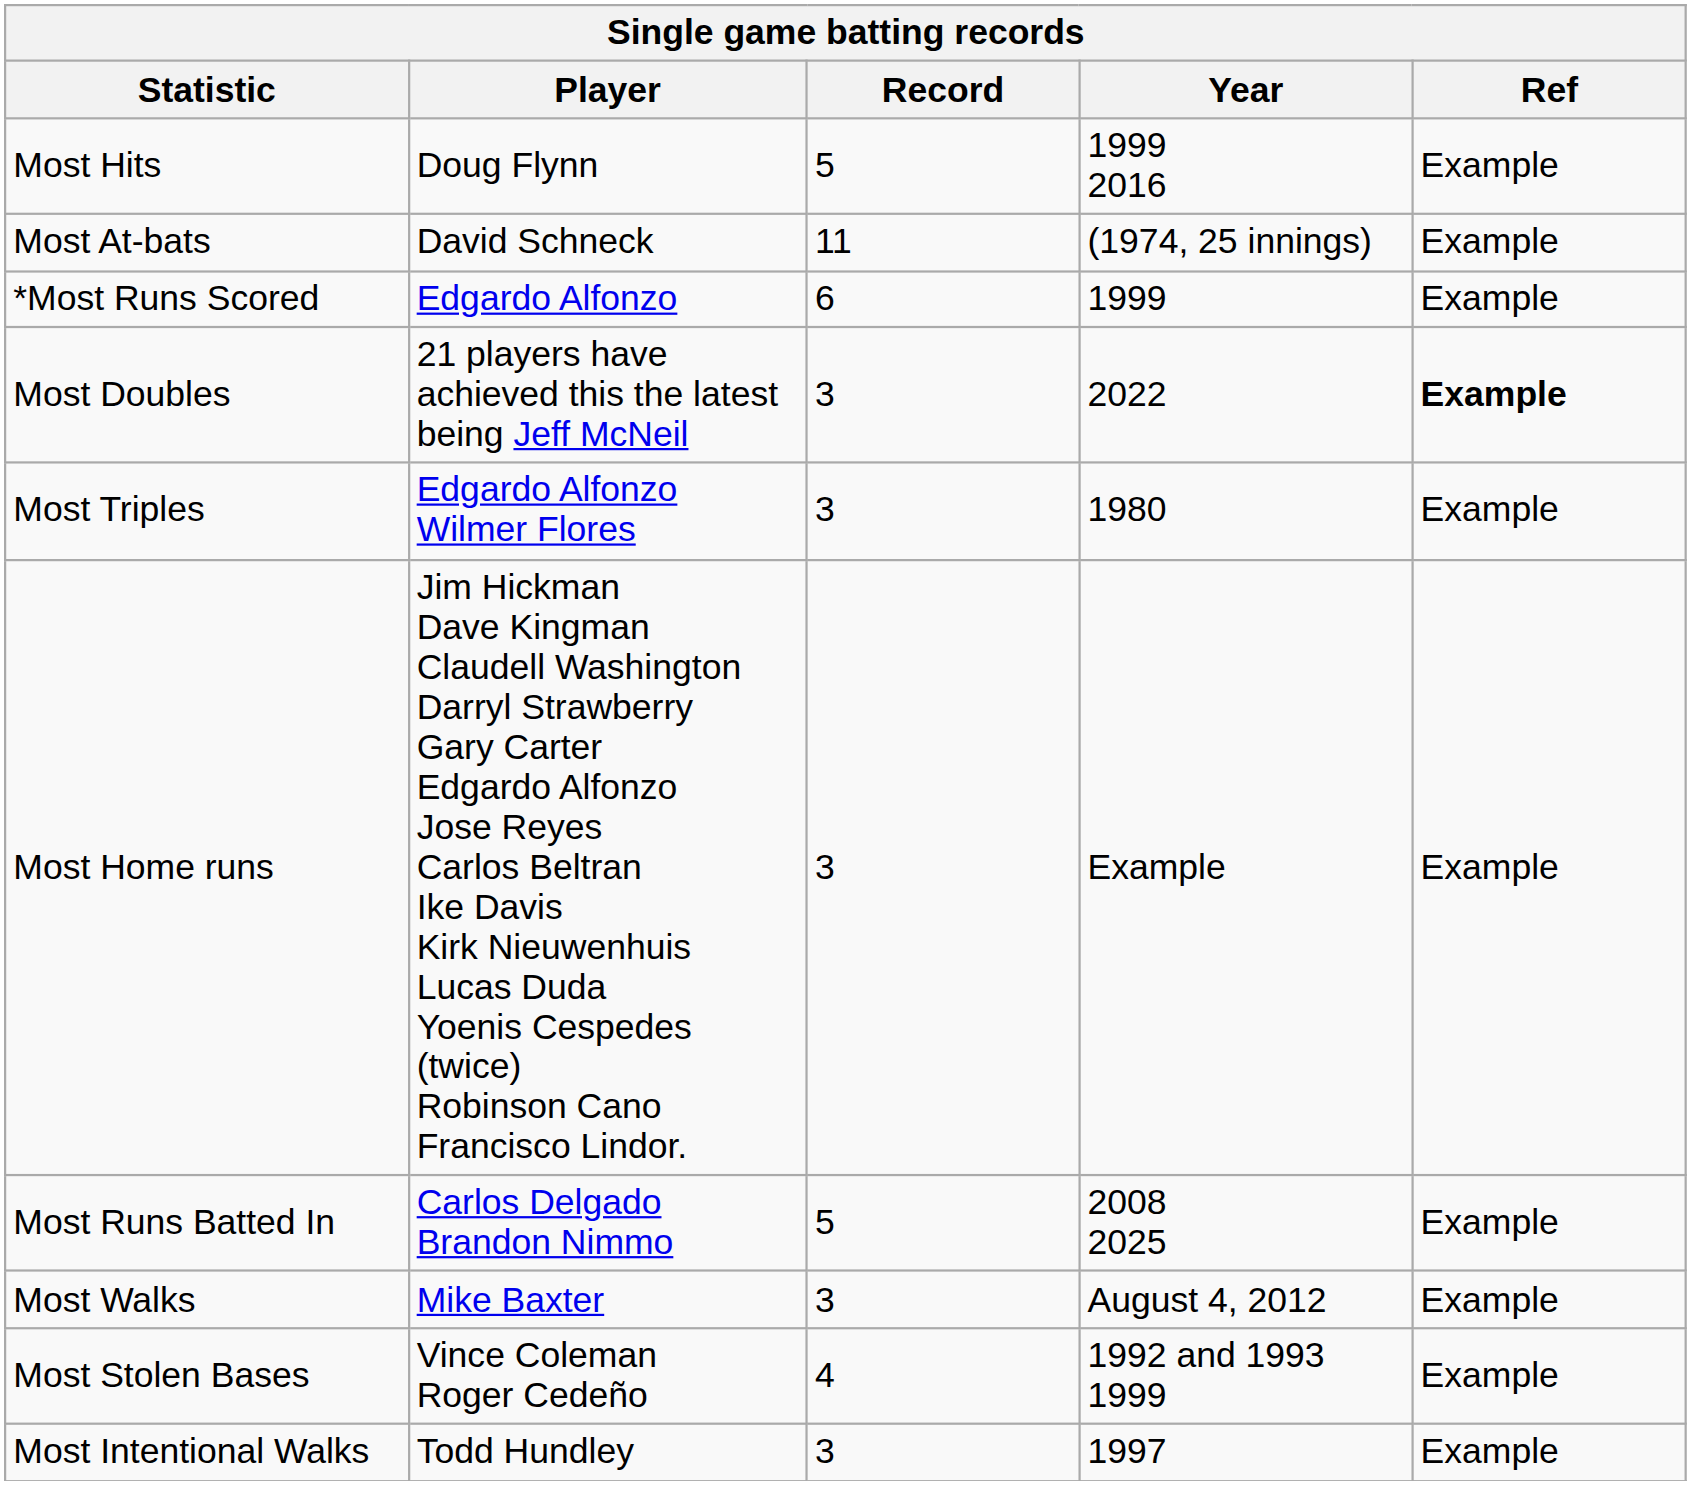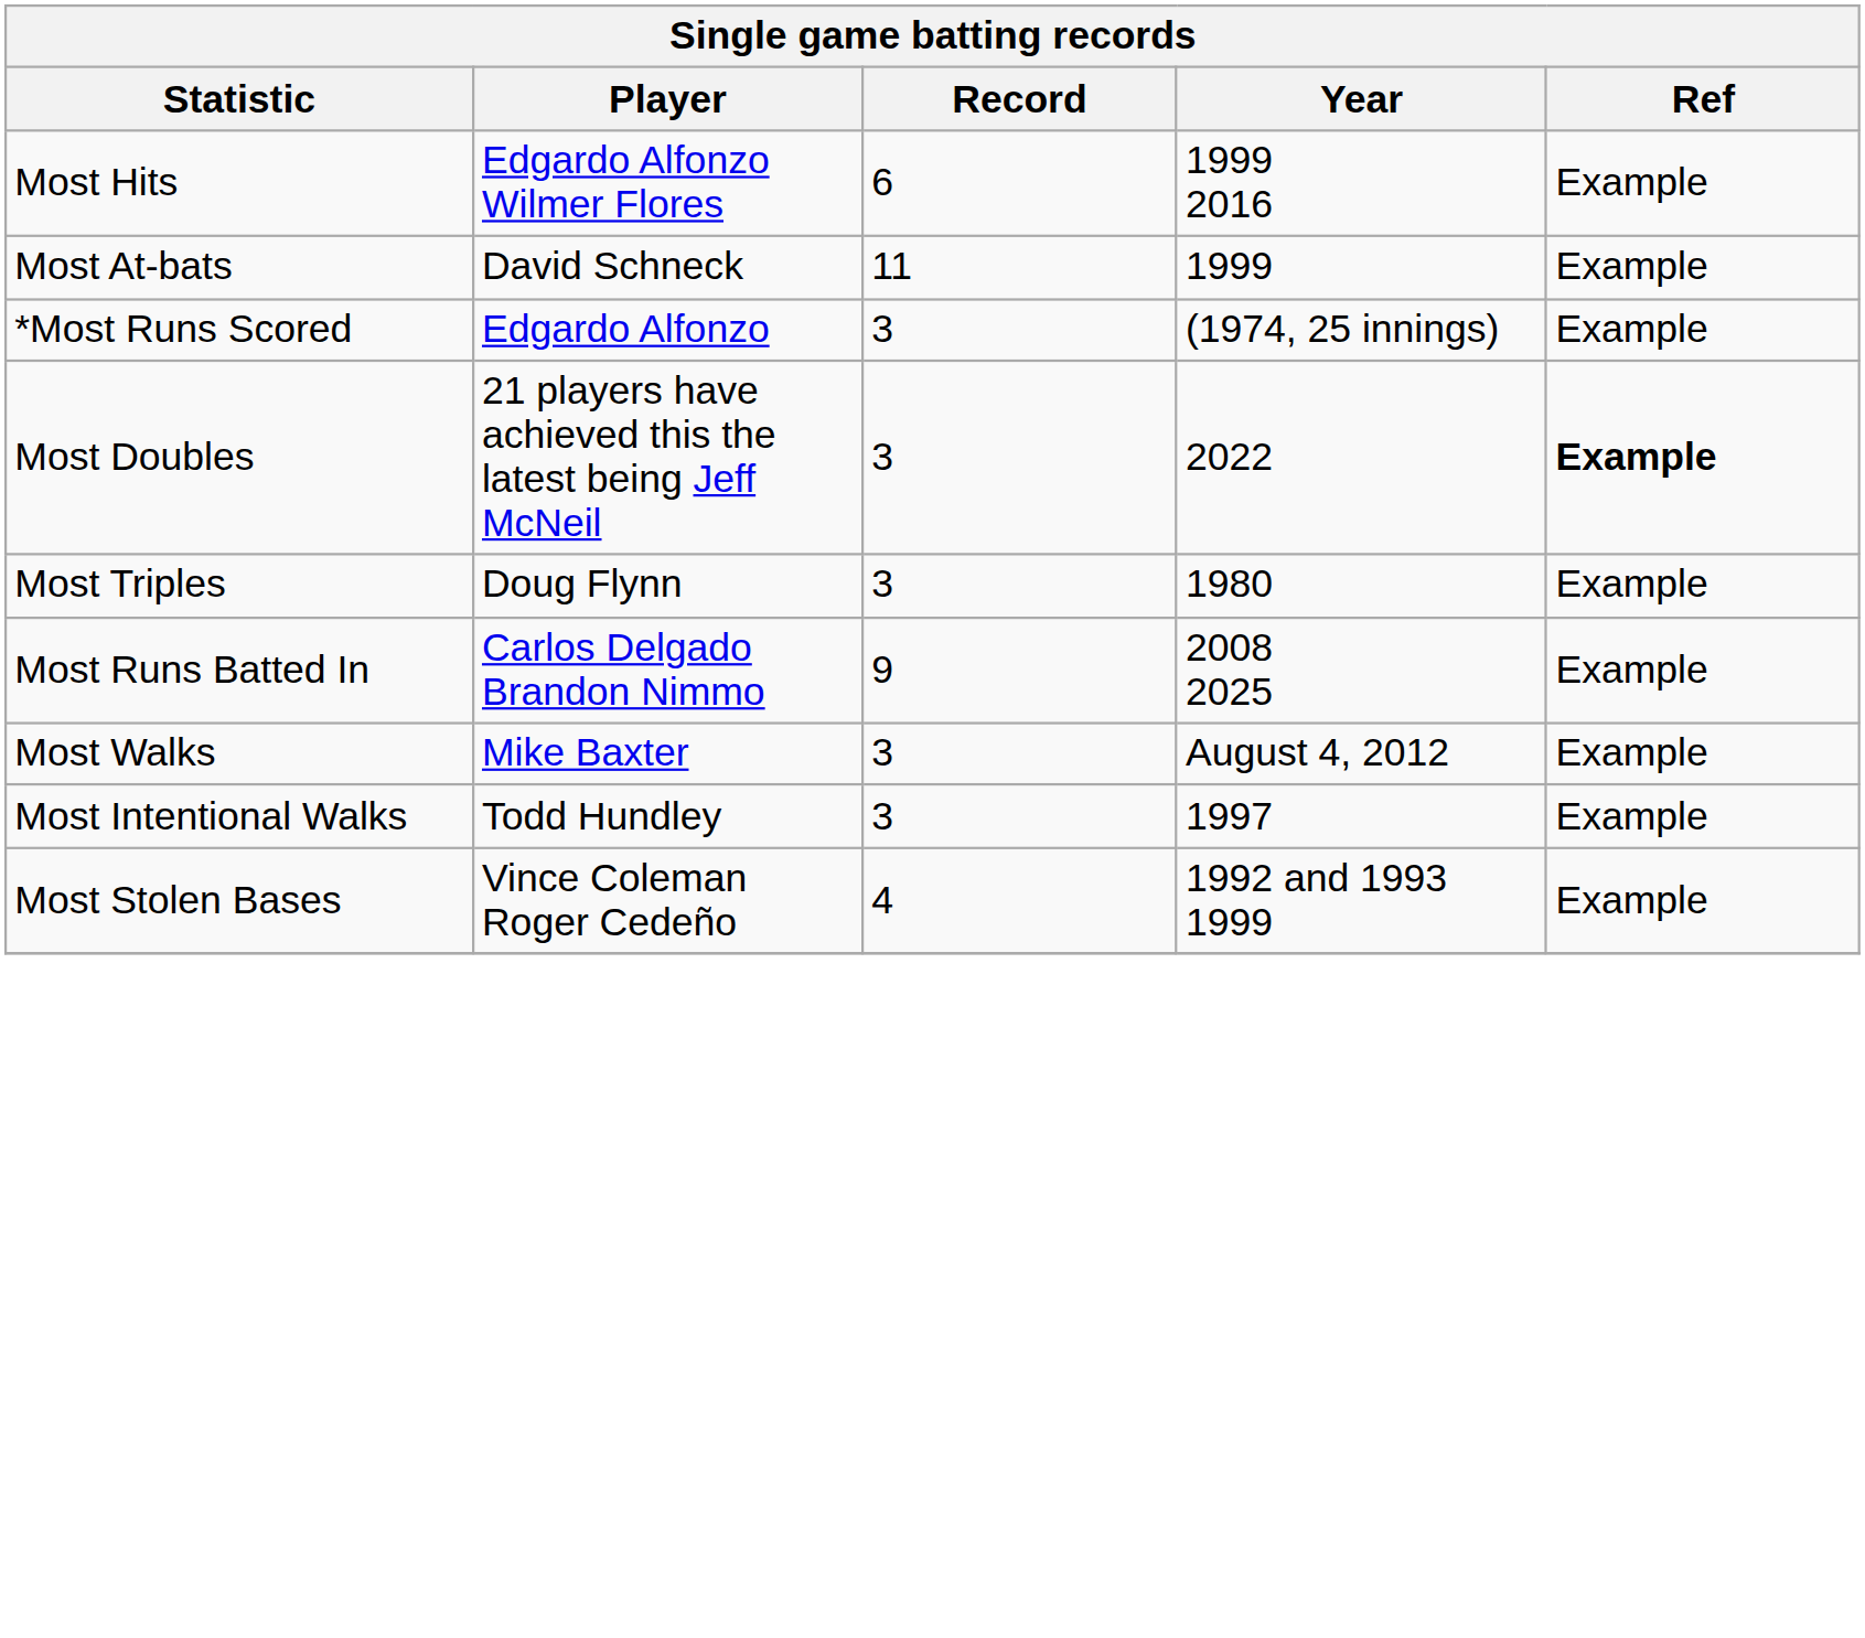 <table class="sortable wikitable" style="text-align:left" width="60%">
 <tr>
 <th colspan=5>Single game batting records</th>
 </tr>
 <tr>
 <th scope="col" width=10%>Statistic</th>
 <th scope="col" width=8%>Player</th>
 <th scope="col" width=6% class="unsortable">Record</th>
 <th scope="col" width=8%>Year</th>
 <th scope="col" width=5% class="unsortable">Ref</th>
 </tr>
 <tr>
 <td>Most Hits</td>
-<td>Doug Flynn</td>
-<td>5</td>
+<td><a href='#'>Edgardo Alfonzo</a> <br> <a href='#'>Wilmer Flores</a></td>
+<td>6</td>
 <td>1999 <br> 2016</td>
 <td>Example</td>
 </tr>
 <tr>
 <td>Most At-bats</td>
 <td>David Schneck</td>
 <td>11</td>
-<td>(1974, 25 innings)</td>
+<td>1999</td>
 <td>Example</td>
 </tr>
 <tr>
 <td>*Most Runs Scored</td>
 <td><a href='#'>Edgardo Alfonzo</a></td>
-<td>6</td>
-<td>1999</td>
+<td>3</td>
+<td>(1974, 25 innings)</td>
 <td>Example</td>
 </tr>
 <tr>
 <td>Most Doubles</td>
 <td>21 players have achieved this the latest being <a href='#'>Jeff McNeil</a></td>
 <td>3</td>
 <td>2022</td>
 <td><strong>Example</strong></td>
 </tr>
 <tr>
 <td>Most Triples</td>
-<td><a href='#'>Edgardo Alfonzo</a> <br> <a href='#'>Wilmer Flores</a></td>
+<td>Doug Flynn</td>
 <td>3</td>
 <td>1980</td>
 <td>Example</td>
 </tr>
 <tr>
-<td>Most Home runs</td>
-<td>Jim Hickman <br> Dave Kingman <br> Claudell Washington <br> Darryl Strawberry <br> Gary Carter <br> Edgardo Alfonzo <br> Jose Reyes <br> Carlos Beltran <br> Ike Davis <br> Kirk Nieuwenhuis <br> Lucas Duda <br> Yoenis Cespedes (twice)<br> Robinson Cano <br> Francisco Lindor.</td>
-<td>3</td>
-<td>Example</td>
-<td>Example</td>
-</tr>
-<tr>
 <td>Most Runs Batted In</td>
 <td><a href='#'>Carlos Delgado</a><br><a href='#'>Brandon Nimmo</a></td>
-<td>5</td>
+<td>9</td>
 <td>2008<br>2025</td>
 <td>Example</td>
 </tr>
 <tr Brandon Nimmo 9 2025>
 <td>Most Walks</td>
 <td><a href='#'>Mike Baxter</a></td>
 <td>3</td>
 <td>August 4, 2012</td>
 <td>Example</td>
 </tr>
 <tr>
+<td>Most Intentional Walks</td>
+<td>Todd Hundley</td>
+<td>3</td>
+<td>1997</td>
+<td>Example</td>
+</tr>
+<tr>
 <td>Most Stolen Bases</td>
 <td>Vince Coleman <br> Roger Cedeño</td>
 <td>4</td>
 <td>1992 and 1993 <br> 1999</td>
 <td>Example</td>
 </tr>
 <tr>
-<td>Most Intentional Walks</td>
-<td>Todd Hundley</td>
-<td>3</td>
-<td>1997</td>
-<td>Example</td>
-</tr>
-<tr>
 </tr>
 </table>
